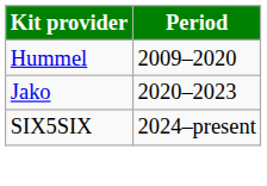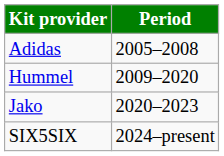 <table class="wikitable">
 <tr>
 <th style="background:green; color:#FFF; ">Kit provider</th>
 <th style="background:green; color:#FFF; ">Period</th>
+</tr>
+<tr>
+<td> <a href='#'>Adidas</a></td>
+<td>2005–2008</td>
 </tr>
 <tr>
 <td> <a href='#'>Hummel</a></td>
 <td>2009–2020</td>
 </tr>
 <tr>
 <td> <a href='#'>Jako</a></td>
 <td>2020–2023</td>
 </tr>
 <tr>
 <td> SIX5SIX</td>
 <td>2024–present</td>
 </tr>
 </table>
